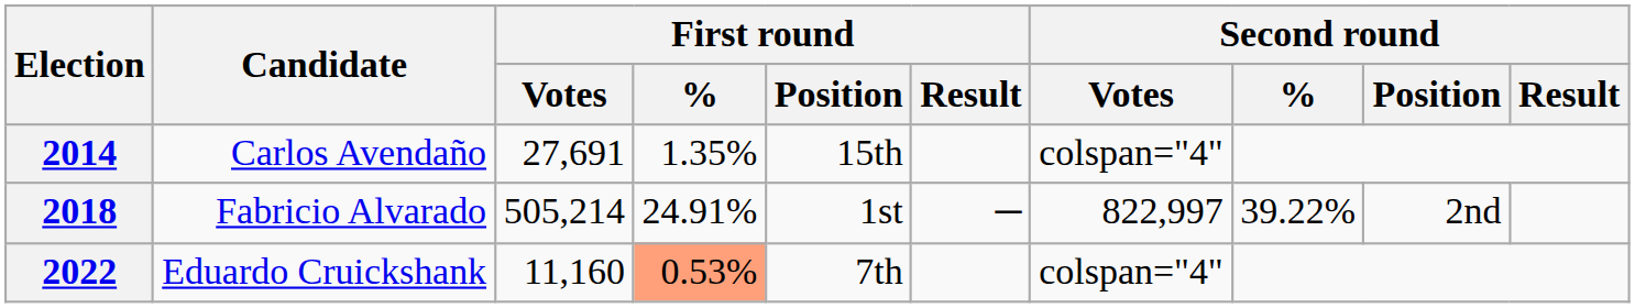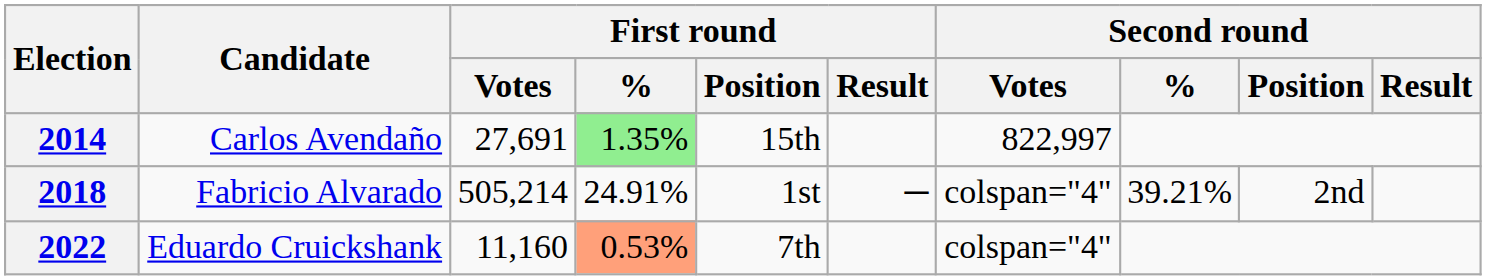 <table class=wikitable style="text-align: right;">
 <tr>
 <th rowspan=2>Election</th>
 <th rowspan=2>Candidate</th>
 <th colspan=4>First round</th>
 <th colspan=4>Second round</th>
 </tr>
 <tr>
 <th>Votes</th>
 <th>%</th>
 <th>Position</th>
 <th>Result</th>
 <th>Votes</th>
 <th>%</th>
 <th>Position</th>
 <th>Result</th>
 </tr>
 <tr>
 <th><a href='#'>2014</a></th>
 <td><a href='#'>Carlos Avendaño</a></td>
 <td>27,691</td>
-<td>1.35%</td>
+<td style="background: lightgreen;">1.35%</td>
 <td> 15th</td>
 <td></td>
-<td>colspan="4" </td>
+<td>822,997</td>
 </tr>
 <tr>
 <th><a href='#'>2018</a></th>
 <td><a href='#'>Fabricio Alvarado</a></td>
 <td>505,214</td>
 <td>24.91%</td>
 <td> 1st</td>
 <td>─</td>
-<td>822,997</td>
-<td>39.22%</td>
+<td>colspan="4" </td>
+<td>39.21%</td>
 <td>2nd</td>
 <td></td>
 </tr>
 <tr>
 <th><a href='#'>2022</a></th>
 <td><a href='#'>Eduardo Cruickshank</a></td>
 <td>11,160</td>
 <td style="background: lightsalmon;">0.53%</td>
 <td>7th</td>
 <td></td>
 <td>colspan="4" </td>
 </tr>
 </table>
